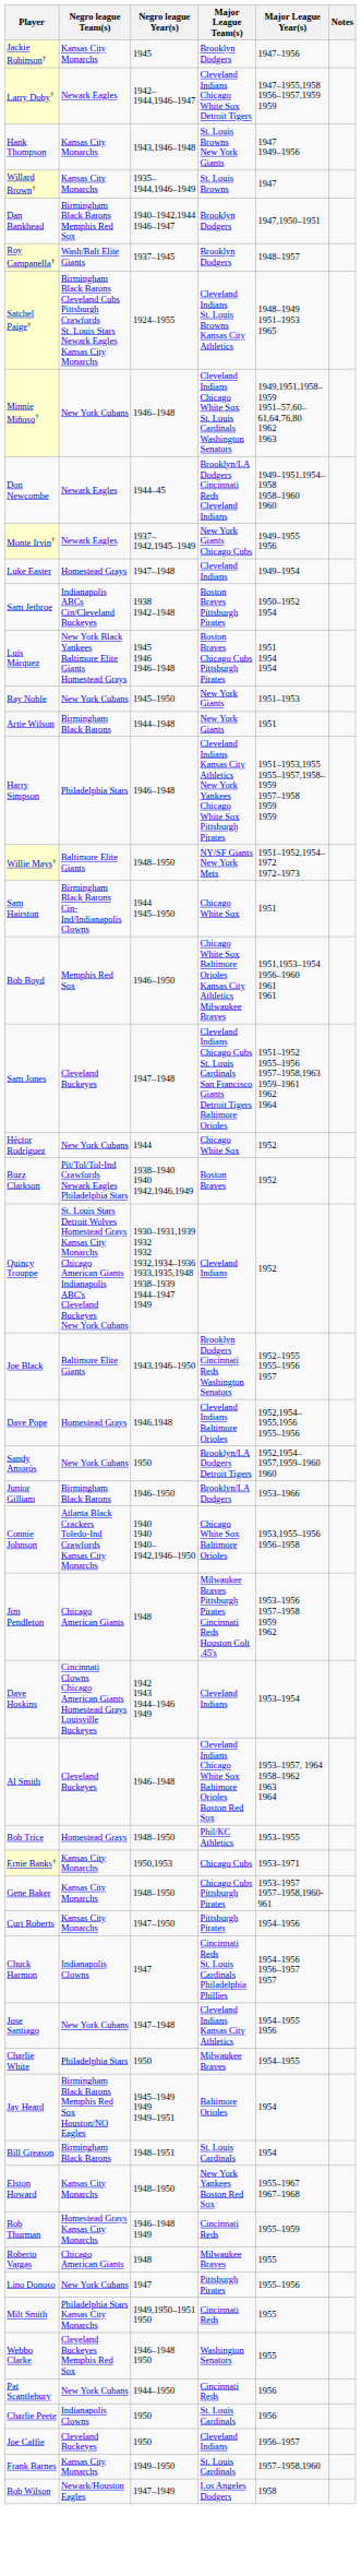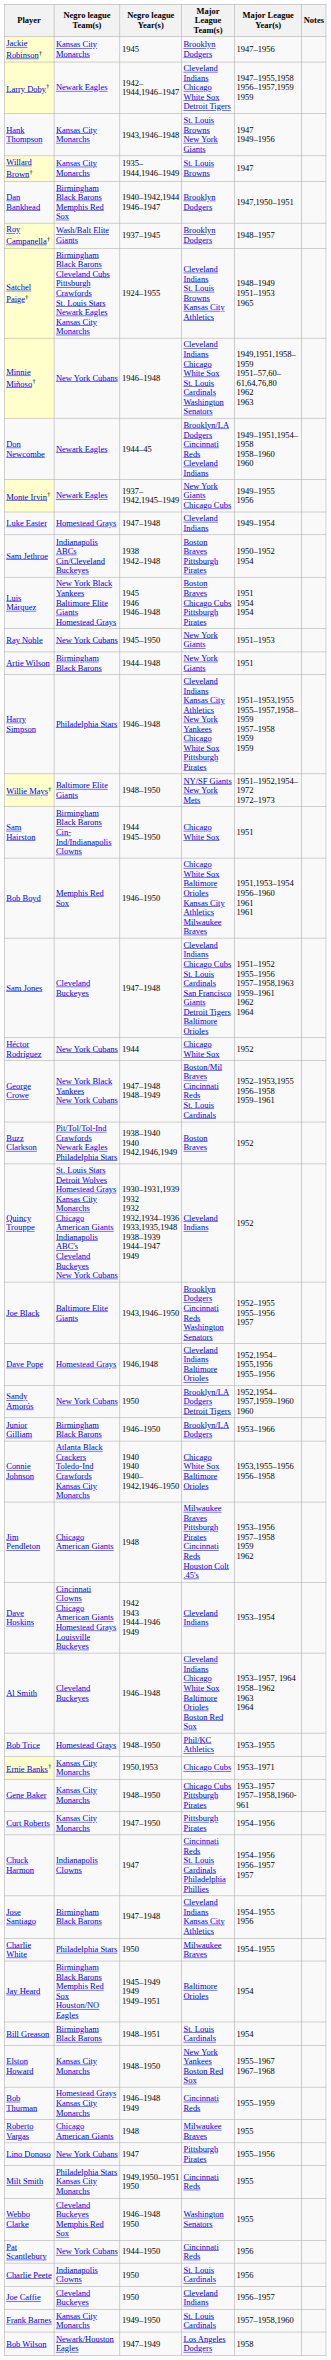 <table class="wikitable">
 <tr>
 <th>Player</th>
 <th>Negro league Team(s)</th>
 <th>Negro league Year(s)</th>
 <th>Major League Team(s)</th>
 <th>Major League Year(s)</th>
 <th>Notes</th>
 </tr>
 <tr>
 <td style="background-color: #ffffcc"><a href='#'>Jackie Robinson</a><sup>†</sup></td>
 <td><a href='#'>Kansas City Monarchs</a></td>
 <td>1945</td>
 <td><a href='#'>Brooklyn Dodgers</a></td>
 <td>1947–1956</td>
 <td></td>
 </tr>
 <tr>
 <td style="background-color: #ffffcc"><a href='#'>Larry Doby</a><sup>†</sup></td>
 <td><a href='#'>Newark Eagles</a></td>
 <td>1942–1944,1946–1947</td>
 <td><a href='#'>Cleveland Indians</a><br><a href='#'>Chicago White Sox</a><br><a href='#'>Detroit Tigers</a></td>
 <td>1947–1955,1958<br>1956–1957,1959<br>1959</td>
 <td></td>
 </tr>
 <tr>
 <td><a href='#'>Hank Thompson</a></td>
 <td><a href='#'>Kansas City Monarchs</a></td>
 <td>1943,1946–1948</td>
 <td><a href='#'>St. Louis Browns</a><br><a href='#'>New York Giants</a></td>
 <td>1947<br>1949–1956</td>
 <td></td>
 </tr>
 <tr>
 <td style="background-color: #ffffcc"><a href='#'>Willard Brown</a><sup>†</sup></td>
 <td><a href='#'>Kansas City Monarchs</a></td>
 <td>1935–1944,1946–1949</td>
 <td><a href='#'>St. Louis Browns</a></td>
 <td>1947</td>
 <td></td>
 </tr>
 <tr>
 <td><a href='#'>Dan Bankhead</a></td>
 <td><a href='#'>Birmingham Black Barons</a><br><a href='#'>Memphis Red Sox</a></td>
 <td>1940–1942,1944<br>1946–1947</td>
 <td><a href='#'>Brooklyn Dodgers</a></td>
 <td>1947,1950–1951</td>
 <td></td>
 </tr>
 <tr>
 <td style="background-color: #ffffcc"><a href='#'>Roy Campanella</a><sup>†</sup></td>
 <td><a href='#'>Wash/Balt Elite Giants</a></td>
 <td>1937–1945</td>
 <td><a href='#'>Brooklyn Dodgers</a></td>
 <td>1948–1957</td>
 <td></td>
 </tr>
 <tr>
 <td style="background-color: #ffffcc"><a href='#'>Satchel Paige</a><sup>†</sup></td>
 <td><a href='#'>Birmingham Black Barons</a><br><a href='#'>Cleveland Cubs</a><br><a href='#'>Pittsburgh Crawfords</a><br><a href='#'>St. Louis Stars</a><br><a href='#'>Newark Eagles</a><br><a href='#'>Kansas City Monarchs</a></td>
 <td>1924–1955</td>
 <td><a href='#'>Cleveland Indians</a><br><a href='#'>St. Louis Browns</a><br><a href='#'>Kansas City Athletics</a></td>
 <td>1948–1949<br>1951–1953<br>1965</td>
 <td></td>
 </tr>
 <tr>
 <td style="background-color: #ffffcc"><a href='#'>Minnie Miñoso</a><sup>†</sup></td>
 <td><a href='#'>New York Cubans</a></td>
 <td>1946–1948</td>
 <td><a href='#'>Cleveland Indians</a><br><a href='#'>Chicago White Sox</a><br><a href='#'>St. Louis Cardinals</a><br><a href='#'>Washington Senators</a></td>
 <td>1949,1951,1958–1959<br>1951–57,60–61,64,76,80<br>1962<br>1963</td>
 <td></td>
 </tr>
 <tr>
 <td><a href='#'>Don Newcombe</a></td>
 <td><a href='#'>Newark Eagles</a></td>
 <td>1944–45</td>
 <td><a href='#'>Brooklyn/LA Dodgers</a><br><a href='#'>Cincinnati Reds</a><br><a href='#'>Cleveland Indians</a></td>
 <td>1949–1951,1954–1958<br>1958–1960<br>1960</td>
 <td></td>
 </tr>
 <tr>
 <td style="background-color: #ffffcc"><a href='#'>Monte Irvin</a><sup>†</sup></td>
 <td><a href='#'>Newark Eagles</a></td>
 <td>1937–1942,1945–1949</td>
 <td><a href='#'>New York Giants</a><br><a href='#'>Chicago Cubs</a></td>
 <td>1949–1955<br>1956</td>
 <td></td>
 </tr>
 <tr>
 <td><a href='#'>Luke Easter</a></td>
 <td><a href='#'>Homestead Grays</a></td>
 <td>1947–1948</td>
 <td><a href='#'>Cleveland Indians</a></td>
 <td>1949–1954</td>
 <td></td>
 </tr>
 <tr>
 <td><a href='#'>Sam Jethroe</a></td>
 <td><a href='#'>Indianapolis ABCs</a><br><a href='#'>Cin/Cleveland Buckeyes</a></td>
 <td>1938<br>1942–1948</td>
 <td><a href='#'>Boston Braves</a><br><a href='#'>Pittsburgh Pirates</a></td>
 <td>1950–1952<br>1954</td>
 <td></td>
 </tr>
 <tr>
 <td><a href='#'>Luis Márquez</a></td>
 <td><a href='#'>New York Black Yankees</a><br><a href='#'>Baltimore Elite Giants</a><br><a href='#'>Homestead Grays</a></td>
 <td>1945<br>1946<br>1946–1948</td>
 <td><a href='#'>Boston Braves</a><br><a href='#'>Chicago Cubs</a><br><a href='#'>Pittsburgh Pirates</a></td>
 <td>1951<br>1954<br>1954</td>
 <td></td>
 </tr>
 <tr>
 <td><a href='#'>Ray Noble</a></td>
 <td><a href='#'>New York Cubans</a></td>
 <td>1945–1950</td>
 <td><a href='#'>New York Giants</a></td>
 <td>1951–1953</td>
 <td></td>
 </tr>
 <tr>
 <td><a href='#'>Artie Wilson</a></td>
 <td><a href='#'>Birmingham Black Barons</a></td>
 <td>1944–1948</td>
 <td><a href='#'>New York Giants</a></td>
 <td>1951</td>
 <td></td>
 </tr>
 <tr>
 <td><a href='#'>Harry Simpson</a></td>
 <td><a href='#'>Philadelphia Stars</a></td>
 <td>1946–1948</td>
 <td><a href='#'>Cleveland Indians</a><br><a href='#'>Kansas City Athletics</a><br><a href='#'>New York Yankees</a><br><a href='#'>Chicago White Sox</a><br><a href='#'>Pittsburgh Pirates</a></td>
 <td>1951–1953,1955<br>1955–1957,1958–1959<br>1957–1958<br>1959<br>1959</td>
 <td></td>
 </tr>
 <tr>
 <td style="background-color: #ffffcc"><a href='#'>Willie Mays</a><sup>†</sup></td>
 <td><a href='#'>Baltimore Elite Giants</a></td>
 <td>1948–1950</td>
 <td><a href='#'>NY/SF Giants</a><br><a href='#'>New York Mets</a></td>
 <td>1951–1952,1954–1972<br>1972–1973</td>
 <td></td>
 </tr>
 <tr>
 <td><a href='#'>Sam Hairston</a></td>
 <td><a href='#'>Birmingham Black Barons</a><br><a href='#'>Cin-Ind/Indianapolis Clowns</a></td>
 <td>1944<br>1945–1950</td>
 <td><a href='#'>Chicago White Sox</a></td>
 <td>1951</td>
 <td></td>
 </tr>
 <tr>
 <td><a href='#'>Bob Boyd</a></td>
 <td><a href='#'>Memphis Red Sox</a></td>
 <td>1946–1950</td>
 <td><a href='#'>Chicago White Sox</a><br><a href='#'>Baltimore Orioles</a><br><a href='#'>Kansas City Athletics</a><br><a href='#'>Milwaukee Braves</a></td>
 <td>1951,1953–1954<br>1956–1960<br>1961<br>1961</td>
 <td></td>
 </tr>
 <tr>
 <td><a href='#'>Sam Jones</a></td>
 <td><a href='#'>Cleveland Buckeyes</a></td>
 <td>1947–1948</td>
 <td><a href='#'>Cleveland Indians</a><br><a href='#'>Chicago Cubs</a><br><a href='#'>St. Louis Cardinals</a><br><a href='#'>San Francisco Giants</a><br><a href='#'>Detroit Tigers</a><br><a href='#'>Baltimore Orioles</a></td>
 <td>1951–1952<br>1955–1956<br>1957–1958,1963<br>1959–1961<br>1962<br>1964</td>
 <td></td>
 </tr>
 <tr>
 <td><a href='#'>Héctor Rodríguez</a></td>
 <td><a href='#'>New York Cubans</a></td>
 <td>1944</td>
 <td><a href='#'>Chicago White Sox</a></td>
 <td>1952</td>
 <td></td>
 </tr>
 <tr>
+<td><a href='#'>George Crowe</a></td>
+<td><a href='#'>New York Black Yankees</a><br><a href='#'>New York Cubans</a></td>
+<td>1947–1948<br>1948–1949</td>
+<td><a href='#'>Boston/Mil Braves</a><br><a href='#'>Cincinnati Reds</a><br><a href='#'>St. Louis Cardinals</a></td>
+<td>1952–1953,1955<br>1956–1958<br>1959–1961</td>
+<td></td>
+</tr>
+<tr>
 <td><a href='#'>Buzz Clarkson</a></td>
 <td><a href='#'>Pit/Tol/Tol-Ind Crawfords</a><br><a href='#'>Newark Eagles</a><br><a href='#'>Philadelphia Stars</a></td>
 <td>1938–1940<br>1940<br>1942,1946,1949</td>
 <td><a href='#'>Boston Braves</a></td>
 <td>1952</td>
 <td></td>
 </tr>
 <tr>
 <td><a href='#'>Quincy Trouppe</a></td>
 <td><a href='#'>St. Louis Stars</a><br><a href='#'>Detroit Wolves</a><br><a href='#'>Homestead Grays</a><br><a href='#'>Kansas City Monarchs</a><br><a href='#'>Chicago American Giants</a><br><a href='#'>Indianapolis ABC's</a><br><a href='#'>Cleveland Buckeyes</a><br><a href='#'>New York Cubans</a></td>
 <td>1930–1931,1939<br>1932<br>1932<br>1932,1934–1936<br>1933,1935,1948<br>1938–1939<br>1944–1947<br>1949</td>
 <td><a href='#'>Cleveland Indians</a></td>
 <td>1952</td>
 <td></td>
 </tr>
 <tr>
 <td><a href='#'>Joe Black</a></td>
 <td><a href='#'>Baltimore Elite Giants</a></td>
 <td>1943,1946–1950</td>
 <td><a href='#'>Brooklyn Dodgers</a><br><a href='#'>Cincinnati Reds</a><br><a href='#'>Washington Senators</a></td>
 <td>1952–1955<br>1955–1956<br>1957</td>
 <td></td>
 </tr>
 <tr>
 <td><a href='#'>Dave Pope</a></td>
 <td><a href='#'>Homestead Grays</a></td>
 <td>1946,1948</td>
 <td><a href='#'>Cleveland Indians</a><br><a href='#'>Baltimore Orioles</a></td>
 <td>1952,1954–1955,1956<br>1955–1956</td>
 <td></td>
 </tr>
 <tr>
 <td><a href='#'>Sandy Amorós</a></td>
 <td><a href='#'>New York Cubans</a></td>
 <td>1950</td>
 <td><a href='#'>Brooklyn/LA Dodgers</a><br><a href='#'>Detroit Tigers</a></td>
 <td>1952,1954–1957,1959–1960<br>1960</td>
 <td></td>
 </tr>
 <tr>
 <td><a href='#'>Junior Gilliam</a></td>
 <td><a href='#'>Birmingham Black Barons</a></td>
 <td>1946–1950</td>
 <td><a href='#'>Brooklyn/LA Dodgers</a></td>
 <td>1953–1966</td>
 <td></td>
 </tr>
 <tr>
 <td><a href='#'>Connie Johnson</a></td>
 <td><a href='#'>Atlanta Black Crackers</a><br><a href='#'>Toledo-Ind Crawfords</a><br><a href='#'>Kansas City Monarchs</a></td>
 <td>1940<br>1940<br>1940–1942,1946–1950</td>
 <td><a href='#'>Chicago White Sox</a><br><a href='#'>Baltimore Orioles</a></td>
 <td>1953,1955–1956<br>1956–1958</td>
 <td></td>
 </tr>
 <tr>
 <td><a href='#'>Jim Pendleton</a></td>
 <td><a href='#'>Chicago American Giants</a></td>
 <td>1948</td>
 <td><a href='#'>Milwaukee Braves</a><br><a href='#'>Pittsburgh Pirates</a><br><a href='#'>Cincinnati Reds</a><br><a href='#'>Houston Colt .45's</a></td>
 <td>1953–1956<br>1957–1958<br>1959<br>1962</td>
 <td></td>
 </tr>
 <tr>
 <td><a href='#'>Dave Hoskins</a></td>
 <td><a href='#'>Cincinnati Clowns</a><br><a href='#'>Chicago American Giants</a><br><a href='#'>Homestead Grays</a><br><a href='#'>Louisville Buckeyes</a></td>
 <td>1942<br>1943<br>1944–1946<br>1949</td>
 <td><a href='#'>Cleveland Indians</a></td>
 <td>1953–1954</td>
 <td></td>
 </tr>
 <tr>
 <td><a href='#'>Al Smith</a></td>
 <td><a href='#'>Cleveland Buckeyes</a></td>
 <td>1946–1948</td>
 <td><a href='#'>Cleveland Indians</a><br><a href='#'>Chicago White Sox</a><br><a href='#'>Baltimore Orioles</a><br><a href='#'>Boston Red Sox</a></td>
 <td>1953–1957, 1964<br>1958–1962<br>1963<br>1964</td>
 <td></td>
 </tr>
 <tr>
 <td><a href='#'>Bob Trice</a></td>
 <td><a href='#'>Homestead Grays</a></td>
 <td>1948–1950</td>
 <td><a href='#'>Phil/KC Athletics</a></td>
 <td>1953–1955</td>
 <td></td>
 </tr>
 <tr>
 <td style="background-color: #ffffcc"><a href='#'>Ernie Banks</a><sup>†</sup></td>
 <td><a href='#'>Kansas City Monarchs</a></td>
 <td>1950,1953</td>
 <td><a href='#'>Chicago Cubs</a></td>
 <td>1953–1971</td>
 <td></td>
 </tr>
 <tr>
 <td><a href='#'>Gene Baker</a></td>
 <td><a href='#'>Kansas City Monarchs</a></td>
 <td>1948–1950</td>
 <td><a href='#'>Chicago Cubs</a><br><a href='#'>Pittsburgh Pirates</a></td>
 <td>1953–1957<br>1957–1958,1960-961</td>
 <td></td>
 </tr>
 <tr>
 <td><a href='#'>Curt Roberts</a></td>
 <td><a href='#'>Kansas City Monarchs</a></td>
 <td>1947–1950</td>
 <td><a href='#'>Pittsburgh Pirates</a></td>
 <td>1954–1956</td>
 <td></td>
 </tr>
 <tr>
 <td><a href='#'>Chuck Harmon</a></td>
 <td><a href='#'>Indianapolis Clowns</a></td>
 <td>1947</td>
 <td><a href='#'>Cincinnati Reds</a><br><a href='#'>St. Louis Cardinals</a><br><a href='#'>Philadelphia Phillies</a></td>
 <td>1954–1956<br>1956–1957<br>1957</td>
 <td></td>
 </tr>
 <tr>
 <td><a href='#'>Jose Santiago</a></td>
-<td><a href='#'>New York Cubans</a></td>
+<td><a href='#'>Birmingham Black Barons</a></td>
 <td>1947–1948</td>
 <td><a href='#'>Cleveland Indians</a><br><a href='#'>Kansas City Athletics</a></td>
 <td>1954–1955<br>1956</td>
 <td></td>
 </tr>
 <tr>
 <td><a href='#'>Charlie White</a></td>
 <td><a href='#'>Philadelphia Stars</a></td>
 <td>1950</td>
 <td><a href='#'>Milwaukee Braves</a></td>
 <td>1954–1955</td>
 <td></td>
 </tr>
 <tr>
 <td><a href='#'>Jay Heard</a></td>
 <td><a href='#'>Birmingham Black Barons</a><br><a href='#'>Memphis Red Sox</a><br><a href='#'>Houston/NO Eagles</a></td>
 <td>1945–1949<br>1949<br>1949–1951</td>
 <td><a href='#'>Baltimore Orioles</a></td>
 <td>1954</td>
 <td></td>
 </tr>
 <tr>
 <td><a href='#'>Bill Greason</a></td>
 <td><a href='#'>Birmingham Black Barons</a></td>
 <td>1948–1951</td>
 <td><a href='#'>St. Louis Cardinals</a></td>
 <td>1954</td>
 <td></td>
 </tr>
 <tr>
 <td><a href='#'>Elston Howard</a></td>
 <td><a href='#'>Kansas City Monarchs</a></td>
 <td>1948–1950</td>
 <td><a href='#'>New York Yankees</a><br><a href='#'>Boston Red Sox</a></td>
 <td>1955–1967<br>1967–1968</td>
 <td></td>
 </tr>
 <tr>
 <td><a href='#'>Bob Thurman</a></td>
 <td><a href='#'>Homestead Grays</a><br><a href='#'>Kansas City Monarchs</a></td>
 <td>1946–1948<br>1949</td>
 <td><a href='#'>Cincinnati Reds</a></td>
 <td>1955–1959</td>
 <td></td>
 </tr>
 <tr>
 <td><a href='#'>Roberto Vargas</a></td>
 <td><a href='#'>Chicago American Giants</a></td>
 <td>1948</td>
 <td><a href='#'>Milwaukee Braves</a></td>
 <td>1955</td>
 <td></td>
 </tr>
 <tr>
 <td><a href='#'>Lino Donoso</a></td>
 <td><a href='#'>New York Cubans</a></td>
 <td>1947</td>
 <td><a href='#'>Pittsburgh Pirates</a></td>
 <td>1955–1956</td>
 <td></td>
 </tr>
 <tr>
 <td><a href='#'>Milt Smith</a></td>
 <td><a href='#'>Philadelphia Stars</a><br><a href='#'>Kansas City Monarchs</a></td>
 <td>1949,1950–1951<br>1950</td>
 <td><a href='#'>Cincinnati Reds</a></td>
 <td>1955</td>
 <td></td>
 </tr>
 <tr>
 <td><a href='#'>Webbo Clarke</a></td>
 <td><a href='#'>Cleveland Buckeyes</a><br><a href='#'>Memphis Red Sox</a></td>
 <td>1946–1948<br>1950</td>
 <td><a href='#'>Washington Senators</a></td>
 <td>1955</td>
 <td></td>
 </tr>
 <tr>
 <td><a href='#'>Pat Scantlebury</a></td>
 <td><a href='#'>New York Cubans</a></td>
 <td>1944–1950</td>
 <td><a href='#'>Cincinnati Reds</a></td>
 <td>1956</td>
 <td></td>
 </tr>
 <tr>
 <td><a href='#'>Charlie Peete</a></td>
 <td><a href='#'>Indianapolis Clowns</a></td>
 <td>1950</td>
 <td><a href='#'>St. Louis Cardinals</a></td>
 <td>1956</td>
 <td></td>
 </tr>
 <tr>
 <td><a href='#'>Joe Caffie</a></td>
 <td><a href='#'>Cleveland Buckeyes</a></td>
 <td>1950</td>
 <td><a href='#'>Cleveland Indians</a></td>
 <td>1956–1957</td>
 <td></td>
 </tr>
 <tr>
 <td><a href='#'>Frank Barnes</a></td>
 <td><a href='#'>Kansas City Monarchs</a></td>
 <td>1949–1950</td>
 <td><a href='#'>St. Louis Cardinals</a></td>
 <td>1957–1958,1960</td>
 <td></td>
 </tr>
 <tr>
 <td><a href='#'>Bob Wilson</a></td>
 <td><a href='#'>Newark/Houston Eagles</a></td>
 <td>1947–1949</td>
 <td><a href='#'>Los Angeles Dodgers</a></td>
 <td>1958</td>
 <td></td>
 </tr>
 </table>
